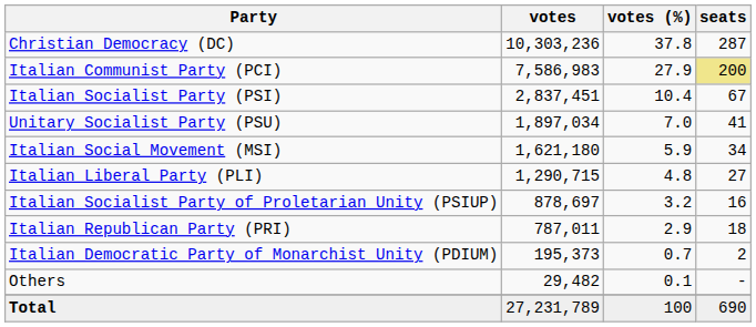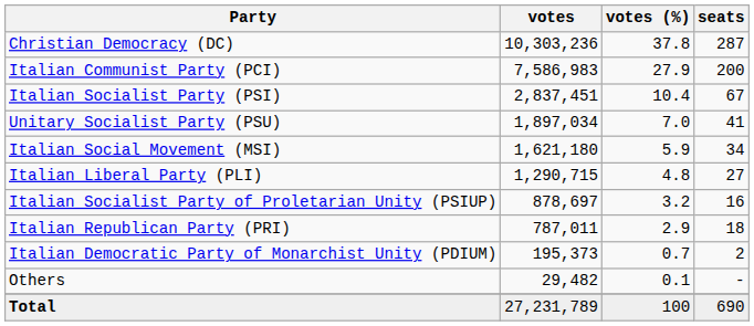 <table class="wikitable" style="font-size: 90%;">
 <tr bgcolor="EFEFEF">
 <th>Party</th>
 <th>votes</th>
 <th>votes (%)</th>
 <th>seats</th>
 </tr>
 <tr>
 <td><a href='#'>Christian Democracy</a> (DC)</td>
 <td align=right>10,303,236</td>
 <td align=right>37.8</td>
 <td align=right>287</td>
 </tr>
 <tr>
 <td><a href='#'>Italian Communist Party</a> (PCI)</td>
 <td align=right>7,586,983</td>
 <td align=right>27.9</td>
-<td align=right style="background: khaki;">200</td>
+<td align=right>200</td>
 </tr>
 <tr>
 <td><a href='#'>Italian Socialist Party</a> (PSI)</td>
 <td align=right>2,837,451</td>
 <td align=right>10.4</td>
 <td align=right>67</td>
 </tr>
 <tr>
 <td><a href='#'>Unitary Socialist Party</a> (PSU)</td>
 <td align=right>1,897,034</td>
 <td align=right>7.0</td>
 <td align=right>41</td>
 </tr>
 <tr>
 <td><a href='#'>Italian Social Movement</a> (MSI)</td>
 <td align=right>1,621,180</td>
 <td align=right>5.9</td>
 <td align=right>34</td>
 </tr>
 <tr>
 <td><a href='#'>Italian Liberal Party</a> (PLI)</td>
 <td align=right>1,290,715</td>
 <td align=right>4.8</td>
 <td align=right>27</td>
 </tr>
 <tr>
 <td><a href='#'>Italian Socialist Party of Proletarian Unity</a> (PSIUP)</td>
 <td align=right>878,697</td>
 <td align=right>3.2</td>
 <td align=right>16</td>
 </tr>
 <tr>
 <td><a href='#'>Italian Republican Party</a> (PRI)</td>
 <td align=right>787,011</td>
 <td align=right>2.9</td>
 <td align=right>18</td>
 </tr>
 <tr>
 <td><a href='#'>Italian Democratic Party of Monarchist Unity</a> (PDIUM)</td>
 <td align=right>195,373</td>
 <td align=right>0.7</td>
 <td align=right>2</td>
 </tr>
 <tr>
 <td>Others</td>
 <td align=right>29,482</td>
 <td align=right>0.1</td>
 <td align=right>-</td>
 </tr>
 <tr>
 </tr>
 <tr bgcolor="EFEFEF">
 <td align=left><strong>Total</strong></td>
 <td align=right>27,231,789</td>
 <td align=right>100</td>
 <td align=right>690</td>
 </tr>
 </table>
